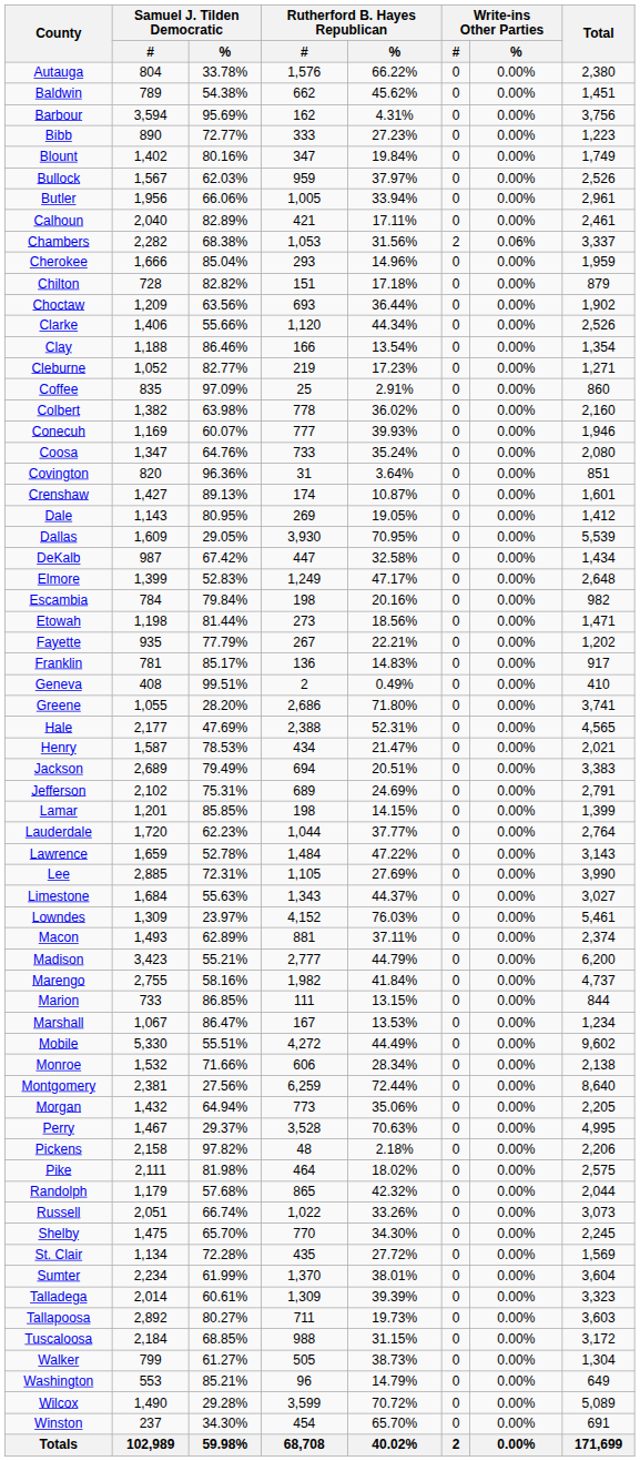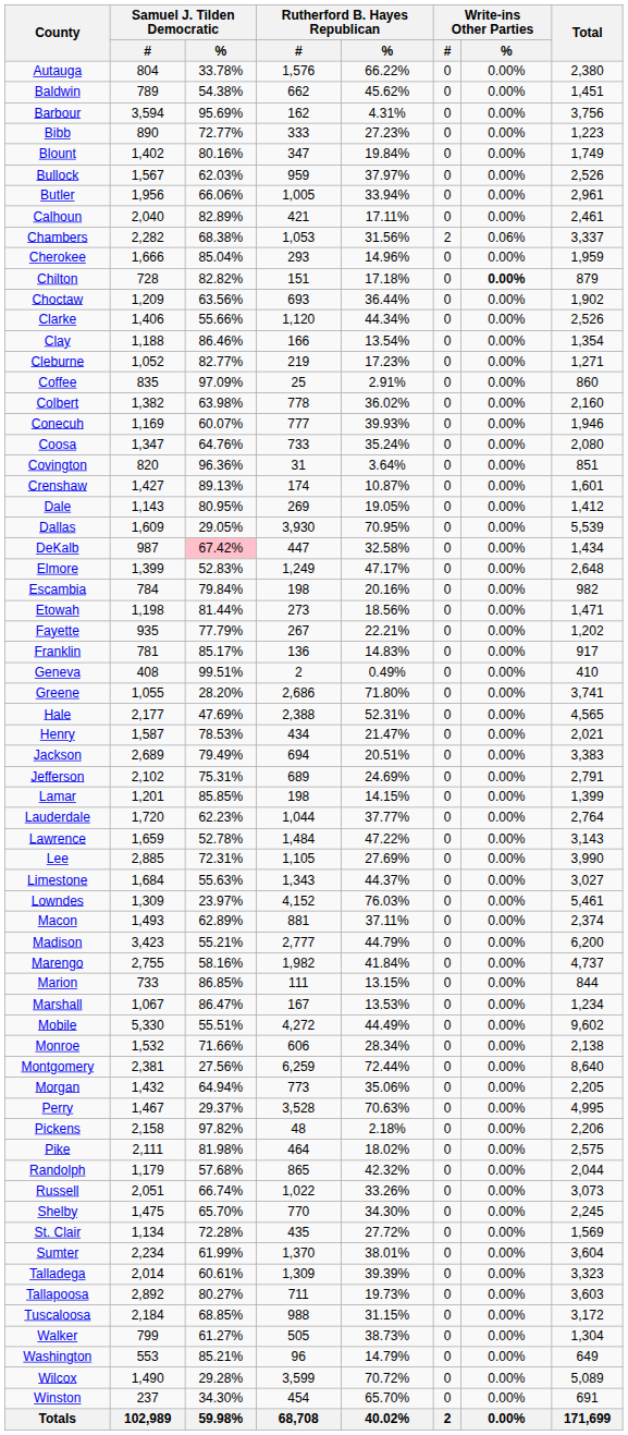 <table class="wikitable sortable" width="60%">
 <tr>
 <th rowspan="2">County</th>
 <th colspan="2">Samuel J. Tilden<br>Democratic</th>
 <th colspan="2">Rutherford B. Hayes<br>Republican</th>
 <th colspan="2">Write-ins<br>Other Parties</th>
 <th rowspan="2">Total</th>
 </tr>
 <tr>
 <th data-sort-type="number" style="text-align:center;">#</th>
 <th data-sort-type="number" style="text-align:center;">%</th>
 <th data-sort-type="number" style="text-align:center;">#</th>
 <th data-sort-type="number" style="text-align:center;">%</th>
 <th>#</th>
 <th>%</th>
 </tr>
 <tr style="text-align:center;">
 <td><a href='#'>Autauga</a></td>
 <td>804</td>
 <td>33.78%</td>
 <td>1,576</td>
 <td>66.22%</td>
 <td>0</td>
 <td>0.00%</td>
 <td>2,380</td>
 </tr>
 <tr style="text-align:center;">
 <td><a href='#'>Baldwin</a></td>
 <td>789</td>
 <td>54.38%</td>
 <td>662</td>
 <td>45.62%</td>
 <td>0</td>
 <td>0.00%</td>
 <td>1,451</td>
 </tr>
 <tr style="text-align:center;">
 <td><a href='#'>Barbour</a></td>
 <td>3,594</td>
 <td>95.69%</td>
 <td>162</td>
 <td>4.31%</td>
 <td>0</td>
 <td>0.00%</td>
 <td>3,756</td>
 </tr>
 <tr style="text-align:center;">
 <td><a href='#'>Bibb</a></td>
 <td>890</td>
 <td>72.77%</td>
 <td>333</td>
 <td>27.23%</td>
 <td>0</td>
 <td>0.00%</td>
 <td>1,223</td>
 </tr>
 <tr style="text-align:center;">
 <td><a href='#'>Blount</a></td>
 <td>1,402</td>
 <td>80.16%</td>
 <td>347</td>
 <td>19.84%</td>
 <td>0</td>
 <td>0.00%</td>
 <td>1,749</td>
 </tr>
 <tr style="text-align:center;">
 <td><a href='#'>Bullock</a></td>
 <td>1,567</td>
 <td>62.03%</td>
 <td>959</td>
 <td>37.97%</td>
 <td>0</td>
 <td>0.00%</td>
 <td>2,526</td>
 </tr>
 <tr style="text-align:center;">
 <td><a href='#'>Butler</a></td>
 <td>1,956</td>
 <td>66.06%</td>
 <td>1,005</td>
 <td>33.94%</td>
 <td>0</td>
 <td>0.00%</td>
 <td>2,961</td>
 </tr>
 <tr style="text-align:center;">
 <td><a href='#'>Calhoun</a></td>
 <td>2,040</td>
 <td>82.89%</td>
 <td>421</td>
 <td>17.11%</td>
 <td>0</td>
 <td>0.00%</td>
 <td>2,461</td>
 </tr>
 <tr style="text-align:center;">
 <td><a href='#'>Chambers</a></td>
 <td>2,282</td>
 <td>68.38%</td>
 <td>1,053</td>
 <td>31.56%</td>
 <td>2</td>
 <td>0.06%</td>
 <td>3,337</td>
 </tr>
 <tr style="text-align:center;">
 <td><a href='#'>Cherokee</a></td>
 <td>1,666</td>
 <td>85.04%</td>
 <td>293</td>
 <td>14.96%</td>
 <td>0</td>
 <td>0.00%</td>
 <td>1,959</td>
 </tr>
 <tr style="text-align:center;">
 <td><a href='#'>Chilton</a></td>
 <td>728</td>
 <td>82.82%</td>
 <td>151</td>
 <td>17.18%</td>
 <td>0</td>
-<td>0.00%</td>
+<td><strong>0.00%</strong></td>
 <td>879</td>
 </tr>
 <tr style="text-align:center;">
 <td><a href='#'>Choctaw</a></td>
 <td>1,209</td>
 <td>63.56%</td>
 <td>693</td>
 <td>36.44%</td>
 <td>0</td>
 <td>0.00%</td>
 <td>1,902</td>
 </tr>
 <tr style="text-align:center;">
 <td><a href='#'>Clarke</a></td>
 <td>1,406</td>
 <td>55.66%</td>
 <td>1,120</td>
 <td>44.34%</td>
 <td>0</td>
 <td>0.00%</td>
 <td>2,526</td>
 </tr>
 <tr style="text-align:center;">
 <td><a href='#'>Clay</a></td>
 <td>1,188</td>
 <td>86.46%</td>
 <td>166</td>
 <td>13.54%</td>
 <td>0</td>
 <td>0.00%</td>
 <td>1,354</td>
 </tr>
 <tr style="text-align:center;">
 <td><a href='#'>Cleburne</a></td>
 <td>1,052</td>
 <td>82.77%</td>
 <td>219</td>
 <td>17.23%</td>
 <td>0</td>
 <td>0.00%</td>
 <td>1,271</td>
 </tr>
 <tr style="text-align:center;">
 <td><a href='#'>Coffee</a></td>
 <td>835</td>
 <td>97.09%</td>
 <td>25</td>
 <td>2.91%</td>
 <td>0</td>
 <td>0.00%</td>
 <td>860</td>
 </tr>
 <tr style="text-align:center;">
 <td><a href='#'>Colbert</a></td>
 <td>1,382</td>
 <td>63.98%</td>
 <td>778</td>
 <td>36.02%</td>
 <td>0</td>
 <td>0.00%</td>
 <td>2,160</td>
 </tr>
 <tr style="text-align:center;">
 <td><a href='#'>Conecuh</a></td>
 <td>1,169</td>
 <td>60.07%</td>
 <td>777</td>
 <td>39.93%</td>
 <td>0</td>
 <td>0.00%</td>
 <td>1,946</td>
 </tr>
 <tr style="text-align:center;">
 <td><a href='#'>Coosa</a></td>
 <td>1,347</td>
 <td>64.76%</td>
 <td>733</td>
 <td>35.24%</td>
 <td>0</td>
 <td>0.00%</td>
 <td>2,080</td>
 </tr>
 <tr style="text-align:center;">
 <td><a href='#'>Covington</a></td>
 <td>820</td>
 <td>96.36%</td>
 <td>31</td>
 <td>3.64%</td>
 <td>0</td>
 <td>0.00%</td>
 <td>851</td>
 </tr>
 <tr style="text-align:center;">
 <td><a href='#'>Crenshaw</a></td>
 <td>1,427</td>
 <td>89.13%</td>
 <td>174</td>
 <td>10.87%</td>
 <td>0</td>
 <td>0.00%</td>
 <td>1,601</td>
 </tr>
 <tr style="text-align:center;">
 <td><a href='#'>Dale</a></td>
 <td>1,143</td>
 <td>80.95%</td>
 <td>269</td>
 <td>19.05%</td>
 <td>0</td>
 <td>0.00%</td>
 <td>1,412</td>
 </tr>
 <tr style="text-align:center;">
 <td><a href='#'>Dallas</a></td>
 <td>1,609</td>
 <td>29.05%</td>
 <td>3,930</td>
 <td>70.95%</td>
 <td>0</td>
 <td>0.00%</td>
 <td>5,539</td>
 </tr>
 <tr style="text-align:center;">
 <td><a href='#'>DeKalb</a></td>
 <td>987</td>
-<td>67.42%</td>
+<td style="background: pink;">67.42%</td>
 <td>447</td>
 <td>32.58%</td>
 <td>0</td>
 <td>0.00%</td>
 <td>1,434</td>
 </tr>
 <tr style="text-align:center;">
 <td><a href='#'>Elmore</a></td>
 <td>1,399</td>
 <td>52.83%</td>
 <td>1,249</td>
 <td>47.17%</td>
 <td>0</td>
 <td>0.00%</td>
 <td>2,648</td>
 </tr>
 <tr style="text-align:center;">
 <td><a href='#'>Escambia</a></td>
 <td>784</td>
 <td>79.84%</td>
 <td>198</td>
 <td>20.16%</td>
 <td>0</td>
 <td>0.00%</td>
 <td>982</td>
 </tr>
 <tr style="text-align:center;">
 <td><a href='#'>Etowah</a></td>
 <td>1,198</td>
 <td>81.44%</td>
 <td>273</td>
 <td>18.56%</td>
 <td>0</td>
 <td>0.00%</td>
 <td>1,471</td>
 </tr>
 <tr style="text-align:center;">
 <td><a href='#'>Fayette</a></td>
 <td>935</td>
 <td>77.79%</td>
 <td>267</td>
 <td>22.21%</td>
 <td>0</td>
 <td>0.00%</td>
 <td>1,202</td>
 </tr>
 <tr style="text-align:center;">
 <td><a href='#'>Franklin</a></td>
 <td>781</td>
 <td>85.17%</td>
 <td>136</td>
 <td>14.83%</td>
 <td>0</td>
 <td>0.00%</td>
 <td>917</td>
 </tr>
 <tr style="text-align:center;">
 <td><a href='#'>Geneva</a></td>
 <td>408</td>
 <td>99.51%</td>
 <td>2</td>
 <td>0.49%</td>
 <td>0</td>
 <td>0.00%</td>
 <td>410</td>
 </tr>
 <tr style="text-align:center;">
 <td><a href='#'>Greene</a></td>
 <td>1,055</td>
 <td>28.20%</td>
 <td>2,686</td>
 <td>71.80%</td>
 <td>0</td>
 <td>0.00%</td>
 <td>3,741</td>
 </tr>
 <tr style="text-align:center;">
 <td><a href='#'>Hale</a></td>
 <td>2,177</td>
 <td>47.69%</td>
 <td>2,388</td>
 <td>52.31%</td>
 <td>0</td>
 <td>0.00%</td>
 <td>4,565</td>
 </tr>
 <tr style="text-align:center;">
 <td><a href='#'>Henry</a></td>
 <td>1,587</td>
 <td>78.53%</td>
 <td>434</td>
 <td>21.47%</td>
 <td>0</td>
 <td>0.00%</td>
 <td>2,021</td>
 </tr>
 <tr style="text-align:center;">
 <td><a href='#'>Jackson</a></td>
 <td>2,689</td>
 <td>79.49%</td>
 <td>694</td>
 <td>20.51%</td>
 <td>0</td>
 <td>0.00%</td>
 <td>3,383</td>
 </tr>
 <tr style="text-align:center;">
 <td><a href='#'>Jefferson</a></td>
 <td>2,102</td>
 <td>75.31%</td>
 <td>689</td>
 <td>24.69%</td>
 <td>0</td>
 <td>0.00%</td>
 <td>2,791</td>
 </tr>
 <tr style="text-align:center;">
 <td><a href='#'>Lamar</a></td>
 <td>1,201</td>
 <td>85.85%</td>
 <td>198</td>
 <td>14.15%</td>
 <td>0</td>
 <td>0.00%</td>
 <td>1,399</td>
 </tr>
 <tr style="text-align:center;">
 <td><a href='#'>Lauderdale</a></td>
 <td>1,720</td>
 <td>62.23%</td>
 <td>1,044</td>
 <td>37.77%</td>
 <td>0</td>
 <td>0.00%</td>
 <td>2,764</td>
 </tr>
 <tr style="text-align:center;">
 <td><a href='#'>Lawrence</a></td>
 <td>1,659</td>
 <td>52.78%</td>
 <td>1,484</td>
 <td>47.22%</td>
 <td>0</td>
 <td>0.00%</td>
 <td>3,143</td>
 </tr>
 <tr style="text-align:center;">
 <td><a href='#'>Lee</a></td>
 <td>2,885</td>
 <td>72.31%</td>
 <td>1,105</td>
 <td>27.69%</td>
 <td>0</td>
 <td>0.00%</td>
 <td>3,990</td>
 </tr>
 <tr style="text-align:center;">
 <td><a href='#'>Limestone</a></td>
 <td>1,684</td>
 <td>55.63%</td>
 <td>1,343</td>
 <td>44.37%</td>
 <td>0</td>
 <td>0.00%</td>
 <td>3,027</td>
 </tr>
 <tr style="text-align:center;">
 <td><a href='#'>Lowndes</a></td>
 <td>1,309</td>
 <td>23.97%</td>
 <td>4,152</td>
 <td>76.03%</td>
 <td>0</td>
 <td>0.00%</td>
 <td>5,461</td>
 </tr>
 <tr style="text-align:center;">
 <td><a href='#'>Macon</a></td>
 <td>1,493</td>
 <td>62.89%</td>
 <td>881</td>
 <td>37.11%</td>
 <td>0</td>
 <td>0.00%</td>
 <td>2,374</td>
 </tr>
 <tr style="text-align:center;">
 <td><a href='#'>Madison</a></td>
 <td>3,423</td>
 <td>55.21%</td>
 <td>2,777</td>
 <td>44.79%</td>
 <td>0</td>
 <td>0.00%</td>
 <td>6,200</td>
 </tr>
 <tr style="text-align:center;">
 <td><a href='#'>Marengo</a></td>
 <td>2,755</td>
 <td>58.16%</td>
 <td>1,982</td>
 <td>41.84%</td>
 <td>0</td>
 <td>0.00%</td>
 <td>4,737</td>
 </tr>
 <tr style="text-align:center;">
 <td><a href='#'>Marion</a></td>
 <td>733</td>
 <td>86.85%</td>
 <td>111</td>
 <td>13.15%</td>
 <td>0</td>
 <td>0.00%</td>
 <td>844</td>
 </tr>
 <tr style="text-align:center;">
 <td><a href='#'>Marshall</a></td>
 <td>1,067</td>
 <td>86.47%</td>
 <td>167</td>
 <td>13.53%</td>
 <td>0</td>
 <td>0.00%</td>
 <td>1,234</td>
 </tr>
 <tr style="text-align:center;">
 <td><a href='#'>Mobile</a></td>
 <td>5,330</td>
 <td>55.51%</td>
 <td>4,272</td>
 <td>44.49%</td>
 <td>0</td>
 <td>0.00%</td>
 <td>9,602</td>
 </tr>
 <tr style="text-align:center;">
 <td><a href='#'>Monroe</a></td>
 <td>1,532</td>
 <td>71.66%</td>
 <td>606</td>
 <td>28.34%</td>
 <td>0</td>
 <td>0.00%</td>
 <td>2,138</td>
 </tr>
 <tr style="text-align:center;">
 <td><a href='#'>Montgomery</a></td>
 <td>2,381</td>
 <td>27.56%</td>
 <td>6,259</td>
 <td>72.44%</td>
 <td>0</td>
 <td>0.00%</td>
 <td>8,640</td>
 </tr>
 <tr style="text-align:center;">
 <td><a href='#'>Morgan</a></td>
 <td>1,432</td>
 <td>64.94%</td>
 <td>773</td>
 <td>35.06%</td>
 <td>0</td>
 <td>0.00%</td>
 <td>2,205</td>
 </tr>
 <tr style="text-align:center;">
 <td><a href='#'>Perry</a></td>
 <td>1,467</td>
 <td>29.37%</td>
 <td>3,528</td>
 <td>70.63%</td>
 <td>0</td>
 <td>0.00%</td>
 <td>4,995</td>
 </tr>
 <tr style="text-align:center;">
 <td><a href='#'>Pickens</a></td>
 <td>2,158</td>
 <td>97.82%</td>
 <td>48</td>
 <td>2.18%</td>
 <td>0</td>
 <td>0.00%</td>
 <td>2,206</td>
 </tr>
 <tr style="text-align:center;">
 <td><a href='#'>Pike</a></td>
 <td>2,111</td>
 <td>81.98%</td>
 <td>464</td>
 <td>18.02%</td>
 <td>0</td>
 <td>0.00%</td>
 <td>2,575</td>
 </tr>
 <tr style="text-align:center;">
 <td><a href='#'>Randolph</a></td>
 <td>1,179</td>
 <td>57.68%</td>
 <td>865</td>
 <td>42.32%</td>
 <td>0</td>
 <td>0.00%</td>
 <td>2,044</td>
 </tr>
 <tr style="text-align:center;">
 <td><a href='#'>Russell</a></td>
 <td>2,051</td>
 <td>66.74%</td>
 <td>1,022</td>
 <td>33.26%</td>
 <td>0</td>
 <td>0.00%</td>
 <td>3,073</td>
 </tr>
 <tr style="text-align:center;">
 <td><a href='#'>Shelby</a></td>
 <td>1,475</td>
 <td>65.70%</td>
 <td>770</td>
 <td>34.30%</td>
 <td>0</td>
 <td>0.00%</td>
 <td>2,245</td>
 </tr>
 <tr style="text-align:center;">
 <td><a href='#'>St. Clair</a></td>
 <td>1,134</td>
 <td>72.28%</td>
 <td>435</td>
 <td>27.72%</td>
 <td>0</td>
 <td>0.00%</td>
 <td>1,569</td>
 </tr>
 <tr style="text-align:center;">
 <td><a href='#'>Sumter</a></td>
 <td>2,234</td>
 <td>61.99%</td>
 <td>1,370</td>
 <td>38.01%</td>
 <td>0</td>
 <td>0.00%</td>
 <td>3,604</td>
 </tr>
 <tr style="text-align:center;">
 <td><a href='#'>Talladega</a></td>
 <td>2,014</td>
 <td>60.61%</td>
 <td>1,309</td>
 <td>39.39%</td>
 <td>0</td>
 <td>0.00%</td>
 <td>3,323</td>
 </tr>
 <tr style="text-align:center;">
 <td><a href='#'>Tallapoosa</a></td>
 <td>2,892</td>
 <td>80.27%</td>
 <td>711</td>
 <td>19.73%</td>
 <td>0</td>
 <td>0.00%</td>
 <td>3,603</td>
 </tr>
 <tr style="text-align:center;">
 <td><a href='#'>Tuscaloosa</a></td>
 <td>2,184</td>
 <td>68.85%</td>
 <td>988</td>
 <td>31.15%</td>
 <td>0</td>
 <td>0.00%</td>
 <td>3,172</td>
 </tr>
 <tr style="text-align:center;">
 <td><a href='#'>Walker</a></td>
 <td>799</td>
 <td>61.27%</td>
 <td>505</td>
 <td>38.73%</td>
 <td>0</td>
 <td>0.00%</td>
 <td>1,304</td>
 </tr>
 <tr style="text-align:center;">
 <td><a href='#'>Washington</a></td>
 <td>553</td>
 <td>85.21%</td>
 <td>96</td>
 <td>14.79%</td>
 <td>0</td>
 <td>0.00%</td>
 <td>649</td>
 </tr>
 <tr style="text-align:center;">
 <td><a href='#'>Wilcox</a></td>
 <td>1,490</td>
 <td>29.28%</td>
 <td>3,599</td>
 <td>70.72%</td>
 <td>0</td>
 <td>0.00%</td>
 <td>5,089</td>
 </tr>
 <tr style="text-align:center;">
 <td><a href='#'>Winston</a></td>
 <td>237</td>
 <td>34.30%</td>
 <td>454</td>
 <td>65.70%</td>
 <td>0</td>
 <td>0.00%</td>
 <td>691</td>
 </tr>
 <tr>
 <th>Totals</th>
 <th>102,989</th>
 <th>59.98%</th>
 <th>68,708</th>
 <th>40.02%</th>
 <th>2</th>
 <th>0.00%</th>
 <th>171,699</th>
 </tr>
 </table>
